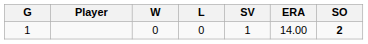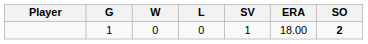 <table class="wikitable sortable">
 <tr>
+<th bgcolor="#DDDDFF" width="16%">Player</th>
 <th bgcolor="#DDDDFF" width="9%">G</th>
-<th bgcolor="#DDDDFF" width="16%">Player</th>
 <th bgcolor="#DDDDFF" width="9%">W</th>
 <th bgcolor="#DDDDFF" width="9%">L</th>
 <th bgcolor="#DDDDFF" width="9%">SV</th>
 <th bgcolor="#DDDDFF" width="9%">ERA</th>
 <th bgcolor="#DDDDFF" width="9%">SO</th>
 </tr>
 <tr align="center">
+<td></td>
 <td>1</td>
-<td></td>
 <td>0</td>
 <td>0</td>
 <td>1</td>
-<td>14.00</td>
+<td>18.00</td>
 <td><strong>2</strong></td>
 </tr>
 </table>
